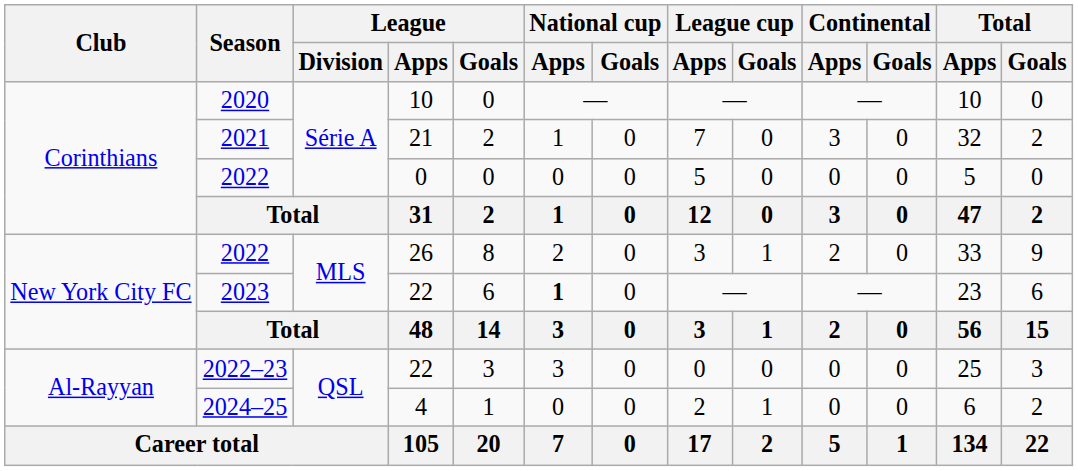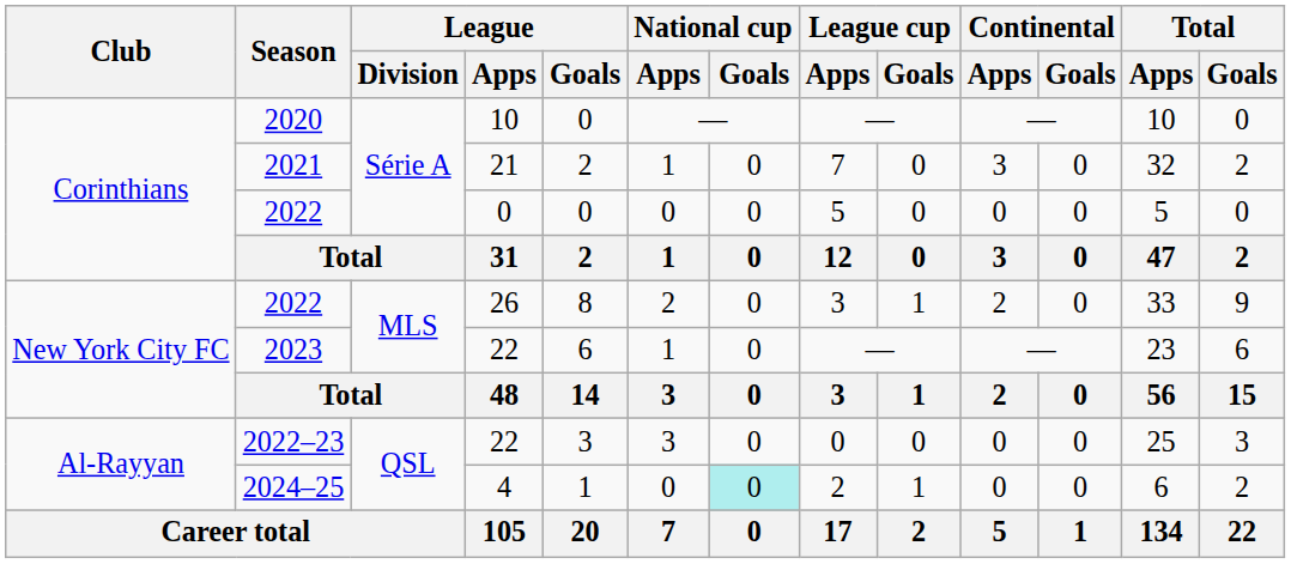 <table class="wikitable" style="text-align: center;">
 <tr>
 <th rowspan="2">Club</th>
 <th rowspan="2">Season</th>
 <th colspan="3">League</th>
 <th colspan="2">National cup</th>
 <th colspan="2">League cup</th>
 <th colspan="2">Continental</th>
 <th colspan="2">Total</th>
 </tr>
 <tr>
 <th>Division</th>
 <th>Apps</th>
 <th>Goals</th>
 <th>Apps</th>
 <th>Goals</th>
 <th>Apps</th>
 <th>Goals</th>
 <th>Apps</th>
 <th>Goals</th>
 <th>Apps</th>
 <th>Goals</th>
 </tr>
 <tr>
 <td rowspan="4"><a href='#'>Corinthians</a></td>
 <td><a href='#'>2020</a></td>
 <td rowspan="3"><a href='#'>Série A</a></td>
 <td>10</td>
 <td>0</td>
 <td colspan="2">—</td>
 <td colspan="2">—</td>
 <td colspan="2">—</td>
 <td>10</td>
 <td>0</td>
 </tr>
 <tr>
 <td><a href='#'>2021</a></td>
 <td>21</td>
 <td>2</td>
 <td>1</td>
 <td>0</td>
 <td>7</td>
 <td>0</td>
 <td>3</td>
 <td>0</td>
 <td>32</td>
 <td>2</td>
 </tr>
 <tr>
 <td><a href='#'>2022</a></td>
 <td>0</td>
 <td>0</td>
 <td>0</td>
 <td>0</td>
 <td>5</td>
 <td>0</td>
 <td>0</td>
 <td>0</td>
 <td>5</td>
 <td>0</td>
 </tr>
 <tr>
 <th colspan="2">Total</th>
 <th>31</th>
 <th>2</th>
 <th>1</th>
 <th>0</th>
 <th>12</th>
 <th>0</th>
 <th>3</th>
 <th>0</th>
 <th>47</th>
 <th>2</th>
 </tr>
 <tr>
 <td rowspan="3"><a href='#'>New York City FC</a></td>
 <td><a href='#'>2022</a></td>
 <td rowspan="2"><a href='#'>MLS</a></td>
 <td>26</td>
 <td>8</td>
 <td>2</td>
 <td>0</td>
 <td>3</td>
 <td>1</td>
 <td>2</td>
 <td>0</td>
 <td>33</td>
 <td>9</td>
 </tr>
 <tr>
 <td><a href='#'>2023</a></td>
 <td>22</td>
 <td>6</td>
-<td><strong>1</strong></td>
+<td>1</td>
 <td>0</td>
 <td colspan="2">—</td>
 <td colspan="2">—</td>
 <td>23</td>
 <td>6</td>
 </tr>
 <tr>
 <th colspan="2">Total</th>
 <th>48</th>
 <th>14</th>
 <th>3</th>
 <th>0</th>
 <th>3</th>
 <th>1</th>
 <th>2</th>
 <th>0</th>
 <th>56</th>
 <th>15</th>
 </tr>
 <tr>
 <td rowspan="2"><a href='#'>Al-Rayyan</a></td>
 <td><a href='#'>2022–23</a></td>
 <td rowspan="2"><a href='#'>QSL</a></td>
 <td>22</td>
 <td>3</td>
 <td>3</td>
 <td>0</td>
 <td>0</td>
 <td>0</td>
 <td>0</td>
 <td>0</td>
 <td>25</td>
 <td>3</td>
 </tr>
 <tr>
 <td><a href='#'>2024–25</a></td>
 <td>4</td>
 <td>1</td>
 <td>0</td>
-<td>0</td>
+<td style="background: paleturquoise;">0</td>
 <td>2</td>
 <td>1</td>
 <td>0</td>
 <td>0</td>
 <td>6</td>
 <td>2</td>
 </tr>
 <tr>
 <th colspan="3">Career total</th>
 <th>105</th>
 <th>20</th>
 <th>7</th>
 <th>0</th>
 <th>17</th>
 <th>2</th>
 <th>5</th>
 <th>1</th>
 <th>134</th>
 <th>22</th>
 </tr>
 </table>
